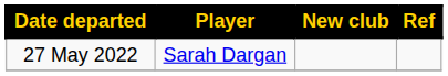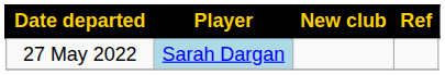 <table class="wikitable" style="text-align:center; font-size:100%; width:40%">
 <tr>
 <th style="background:black; color:#FED102; border: solid black 2px;">Date departed</th>
 <th style="background:black; color:#FED102; border: solid black 2px;">Player</th>
 <th style="background:black; color:#FED102; border: solid black 2px;">New club</th>
 <th style="background:black; color:#FED102; border: solid black 2px;">Ref</th>
 </tr>
 <tr>
 <td>27 May 2022</td>
-<td><a href='#'>Sarah Dargan</a></td>
+<td style="background: lightblue;"><a href='#'>Sarah Dargan</a></td>
 <td></td>
 <td></td>
 </tr>
 <tr>
 </tr>
 </table>
